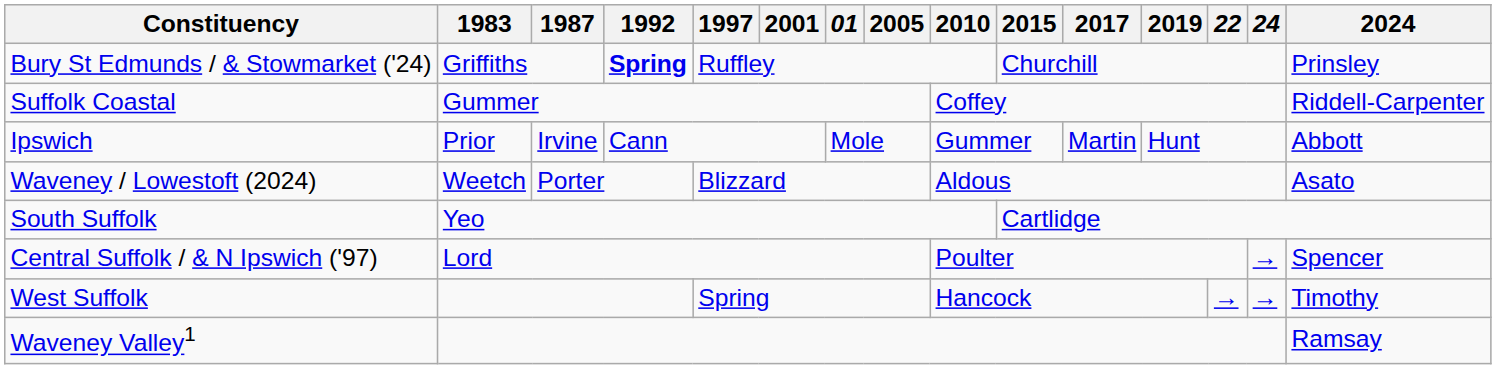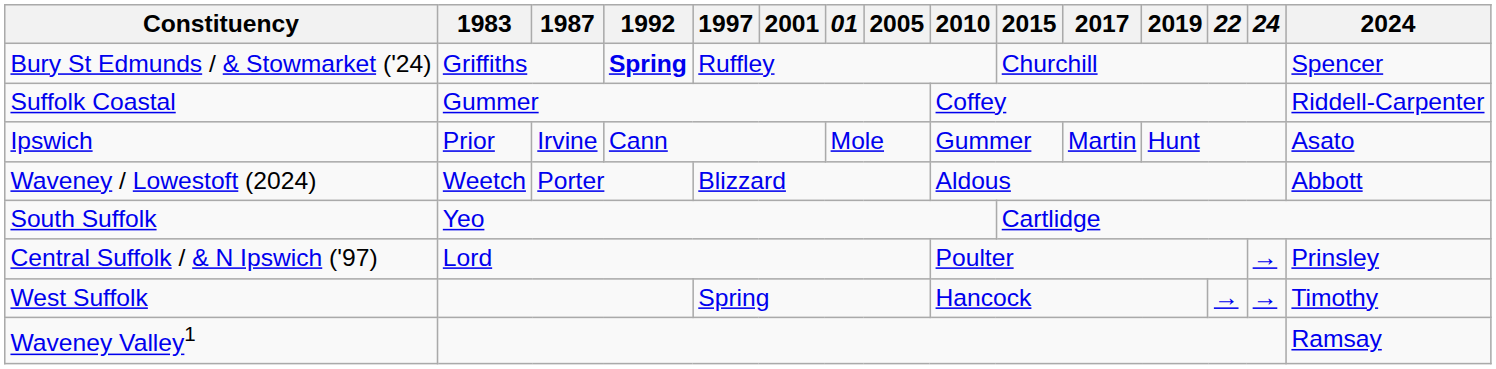 <table class="wikitable">
 <tr>
 <th>Constituency</th>
 <th>1983</th>
 <th>1987</th>
 <th>1992</th>
 <th>1997</th>
 <th>2001</th>
 <th><em>01</em></th>
 <th>2005</th>
 <th>2010</th>
 <th>2015</th>
 <th>2017</th>
 <th>2019</th>
 <th><em>22</em></th>
 <th><em>24</em></th>
 <th>2024</th>
 </tr>
 <tr>
 <td><a href='#'>Bury St Edmunds</a> / <a href='#'>& Stowmarket</a> ('24)</td>
 <td colspan="2"><a href='#'>Griffiths</a></td>
 <td><strong><a href='#'>Spring</a></strong></td>
 <td colspan="5"><a href='#'>Ruffley</a></td>
 <td colspan="5"><a href='#'>Churchill</a></td>
-<td><a href='#'>Prinsley</a></td>
+<td><a href='#'>Spencer</a></td>
 </tr>
 <tr>
 <td><a href='#'>Suffolk Coastal</a></td>
 <td colspan="7"><a href='#'>Gummer</a></td>
 <td colspan="6"><a href='#'>Coffey</a></td>
 <td><a href='#'>Riddell-Carpenter</a></td>
 </tr>
 <tr>
 <td><a href='#'>Ipswich</a></td>
 <td><a href='#'>Prior</a></td>
 <td><a href='#'>Irvine</a></td>
 <td colspan="3"><a href='#'>Cann</a></td>
 <td colspan="2"><a href='#'>Mole</a></td>
 <td colspan="2"><a href='#'>Gummer</a></td>
 <td><a href='#'>Martin</a></td>
 <td colspan="3"><a href='#'>Hunt</a></td>
-<td><a href='#'>Abbott</a></td>
+<td><a href='#'>Asato</a></td>
 </tr>
 <tr>
 <td><a href='#'>Waveney</a> / <a href='#'>Lowestoft</a> (2024)</td>
 <td><a href='#'>Weetch</a></td>
 <td colspan="2"><a href='#'>Porter</a></td>
 <td colspan="4"><a href='#'>Blizzard</a></td>
 <td colspan="6"><a href='#'>Aldous</a></td>
-<td><a href='#'>Asato</a></td>
+<td><a href='#'>Abbott</a></td>
 </tr>
 <tr>
 <td><a href='#'>South Suffolk</a></td>
 <td colspan="8"><a href='#'>Yeo</a></td>
 <td colspan="6"><a href='#'>Cartlidge</a></td>
 </tr>
 <tr>
 <td><a href='#'>Central Suffolk</a> / <a href='#'>& N Ipswich</a> ('97)</td>
 <td colspan="7"><a href='#'>Lord</a></td>
 <td colspan="5"><a href='#'>Poulter</a></td>
 <td><a href='#'>→</a></td>
-<td><a href='#'>Spencer</a></td>
+<td><a href='#'>Prinsley</a></td>
 </tr>
 <tr>
 <td><a href='#'>West Suffolk</a></td>
 <td colspan="3"></td>
 <td colspan="4"><a href='#'>Spring</a></td>
 <td colspan="4"><a href='#'>Hancock</a></td>
 <td><a href='#'>→</a></td>
 <td><a href='#'>→</a></td>
 <td><a href='#'>Timothy</a></td>
 </tr>
 <tr>
 <td><a href='#'>Waveney Valley</a><sup>1</sup></td>
 <td colspan="13"></td>
 <td><a href='#'>Ramsay</a></td>
 </tr>
 </table>
